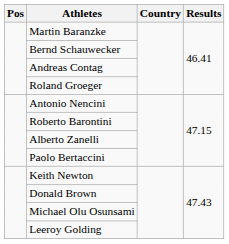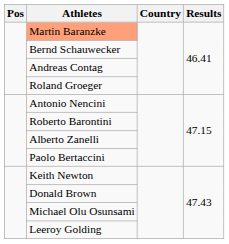 <table class="wikitable">
 <tr>
 <th>Pos</th>
 <th>Athletes</th>
 <th>Country</th>
 <th>Results</th>
 </tr>
 <tr>
 <td rowspan="4"></td>
-<td>Martin Baranzke</td>
+<td style="background: lightsalmon;">Martin Baranzke</td>
 <td rowspan="4"></td>
 <td rowspan="4">46.41</td>
 </tr>
 <tr>
 <td>Bernd Schauwecker</td>
 </tr>
 <tr>
 <td>Andreas Contag</td>
 </tr>
 <tr>
 <td>Roland Groeger</td>
 </tr>
 <tr>
 <td rowspan="4"></td>
 <td>Antonio Nencini</td>
 <td rowspan="4"></td>
 <td rowspan="4">47.15</td>
 </tr>
 <tr>
 <td>Roberto Barontini</td>
 </tr>
 <tr>
 <td>Alberto Zanelli</td>
 </tr>
 <tr>
 <td>Paolo Bertaccini</td>
 </tr>
 <tr>
 <td rowspan="4"></td>
 <td>Keith Newton</td>
 <td rowspan="4"></td>
 <td rowspan="4">47.43</td>
 </tr>
 <tr>
 <td>Donald Brown</td>
 </tr>
 <tr>
 <td>Michael Olu Osunsami</td>
 </tr>
 <tr>
 <td>Leeroy Golding</td>
 </tr>
 </table>
